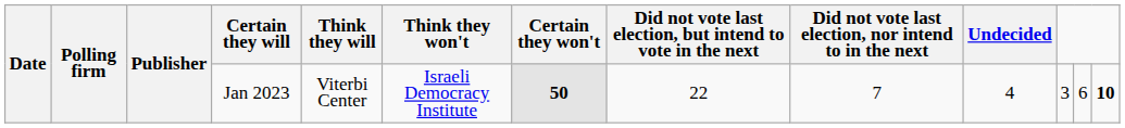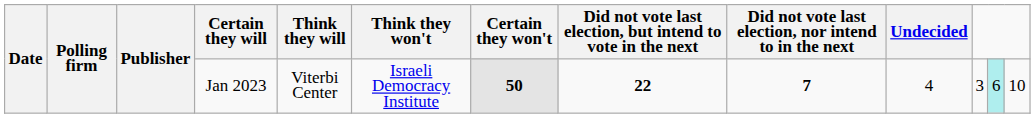 <table class="wikitable sortable" style="text-align:center; font-size:90%; line-height:13px">
 <tr>
 <th rowspan=2>Date</th>
 <th rowspan=2>Polling firm</th>
 <th rowspan=2>Publisher</th>
 <th>Certain they will</th>
 <th>Think they will</th>
 <th>Think they won't</th>
 <th>Certain they won't</th>
 <th>Did not vote last election, but intend to vote in the next</th>
 <th>Did not vote last election, nor intend to in the next</th>
 <th><a href='#'>Undecided</a></th>
 </tr>
 <tr>
 <td data-sort-value=2023-01>Jan 2023</td>
 <td>Viterbi Center</td>
 <td><a href='#'>Israeli Democracy Institute</a></td>
 <td style=background:#E4E4E4><strong>50</strong></td>
-<td>22</td>
-<td>7</td>
+<td><strong>22</strong></td>
+<td><strong>7</strong></td>
 <td>4</td>
 <td>3</td>
-<td>6</td>
-<td><strong>10</strong></td>
+<td style="background: paleturquoise;">6</td>
+<td>10</td>
 </tr>
 </table>
